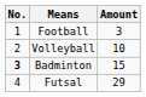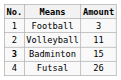 <table class="wikitable" style="text-align:center">
 <tr>
 <th>No.</th>
 <th>Means</th>
 <th>Amount</th>
 </tr>
 <tr>
 <td>1</td>
 <td>Football</td>
 <td>3</td>
 </tr>
 <tr>
 <td>2</td>
 <td>Volleyball</td>
-<td>10</td>
+<td>11</td>
 </tr>
 <tr>
 <td><strong>3</strong></td>
 <td>Badminton</td>
 <td>15</td>
 </tr>
 <tr>
 <td>4</td>
 <td>Futsal</td>
-<td>29</td>
+<td>26</td>
 </tr>
 </table>
